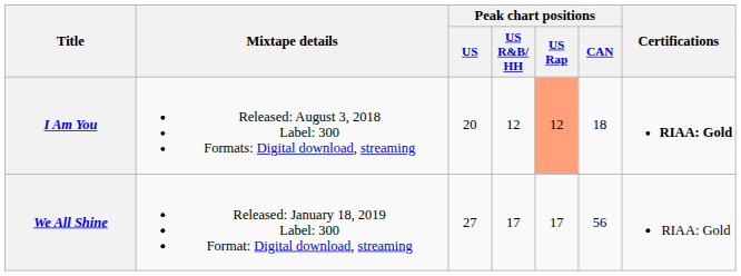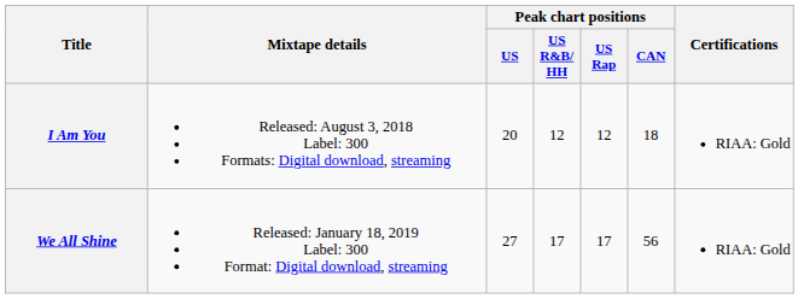 <table class="wikitable plainrowheaders" style="text-align:center;">
 <tr>
 <th scope="col" rowspan="2" style="width:9em;">Title</th>
 <th scope="col" rowspan="2" style="width:22em;">Mixtape details</th>
 <th colspan="4">Peak chart positions</th>
 <th scope="col" rowspan="2">Certifications</th>
 </tr>
 <tr>
 <th scope="col" style="width:3em;font-size:90%;"><a href='#'>US</a><br></th>
 <th scope="col" style="width:3em;font-size:90%;"><a href='#'>US<br>R&B/<br>HH</a><br></th>
 <th scope="col" style="width:3em;font-size:90%;"><a href='#'>US<br>Rap</a><br></th>
 <th style="width:3em;font-size:90%;"><a href='#'>CAN</a><br></th>
 </tr>
 <tr>
 <th scope="row"><em><a href='#'>I Am You</a></em></th>
 <td><br><ul><li>Released: August 3, 2018</li><li>Label: 300</li><li>Formats: <a href='#'>Digital download</a>, <a href='#'>streaming</a></li></ul></td>
 <td>20</td>
 <td>12</td>
-<td style="background: lightsalmon;">12</td>
+<td>12</td>
 <td>18</td>
-<td><strong><br><ul><li>RIAA: Gold</li></ul></strong></td>
+<td><br><ul><li>RIAA: Gold</li></ul></td>
 </tr>
 <tr>
 <th scope="row"><em><a href='#'>We All Shine</a></em></th>
 <td><br><ul><li>Released: January 18, 2019</li><li>Label: 300</li><li>Format: <a href='#'>Digital download</a>, <a href='#'>streaming</a></li></ul></td>
 <td>27</td>
 <td>17</td>
 <td>17</td>
 <td>56</td>
 <td><br><ul><li>RIAA: Gold</li></ul></td>
 </tr>
 </table>
